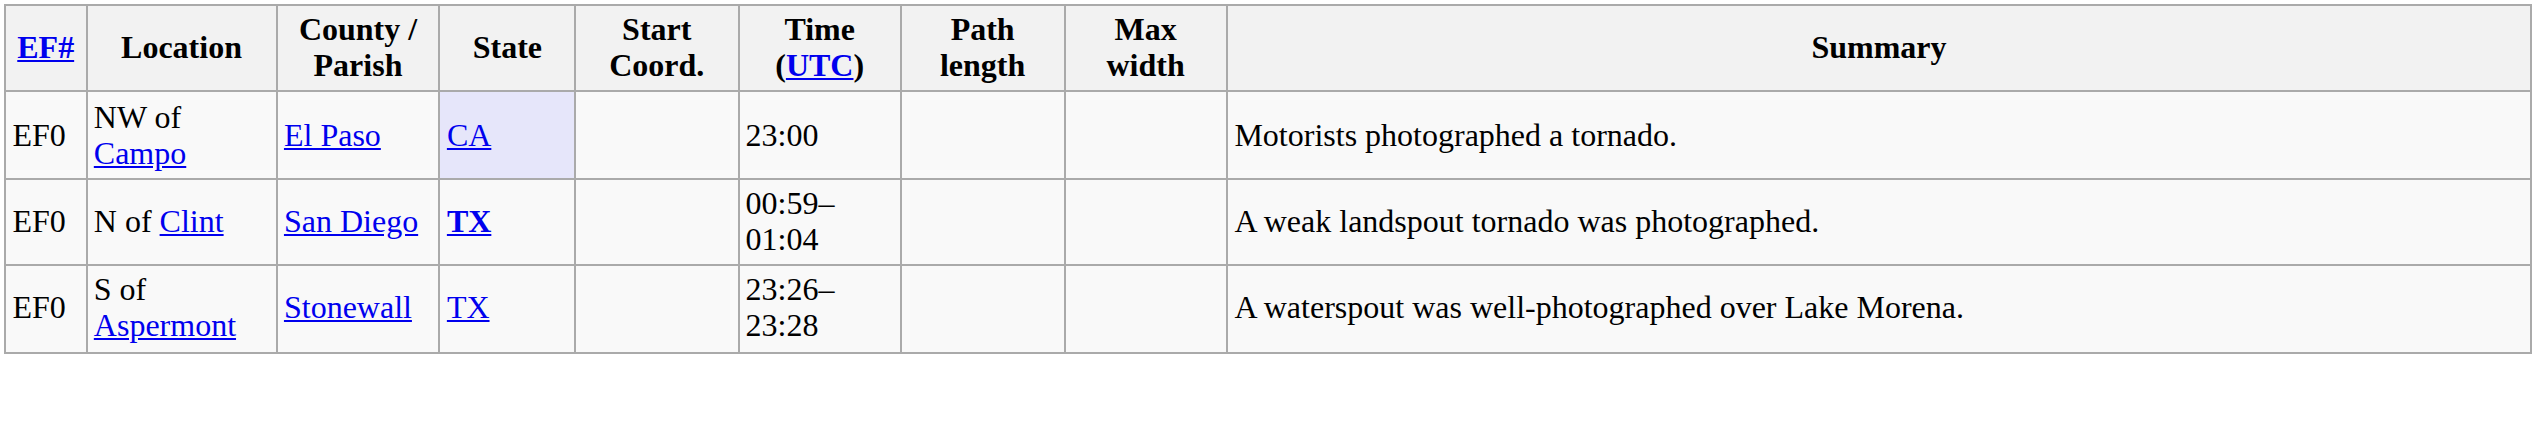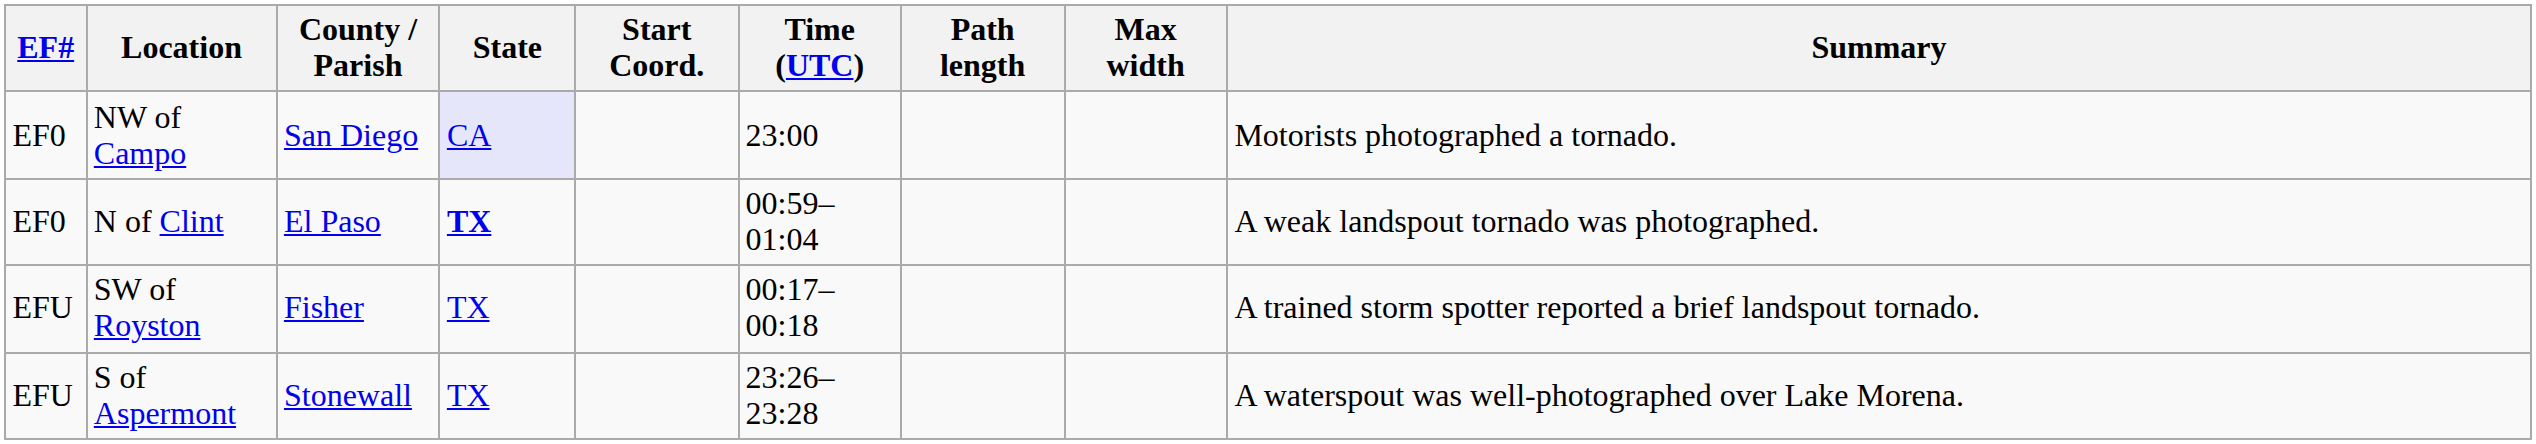 <table class="wikitable sortable" style="width:100%;">
 <tr>
 <th scope="col"  style="width:3%; text-align:center;"><a href='#'>EF#</a></th>
 <th scope="col"  style="width:7%; text-align:center;" class="unsortable">Location</th>
 <th scope="col"  style="width:6%; text-align:center;" class="unsortable">County / Parish</th>
 <th scope="col"  style="width:5%; text-align:center;">State</th>
 <th scope="col"  style="width:6%; text-align:center;">Start Coord.</th>
 <th scope="col"  style="width:6%; text-align:center;">Time (<a href='#'>UTC</a>)</th>
 <th scope="col"  style="width:6%; text-align:center;">Path length</th>
 <th scope="col"  style="width:6%; text-align:center;">Max width</th>
 <th scope="col" class="unsortable" style="width:48%; text-align:center;">Summary</th>
 </tr>
 <tr>
 <td>EF0</td>
 <td>NW of <a href='#'>Campo</a></td>
-<td><a href='#'>El Paso</a></td>
+<td><a href='#'>San Diego</a></td>
 <td style="background: lavender;"><a href='#'>CA</a></td>
 <td></td>
 <td>23:00</td>
 <td></td>
 <td></td>
 <td>Motorists photographed a tornado.</td>
 </tr>
 <tr>
 <td>EF0</td>
 <td>N of <a href='#'>Clint</a></td>
-<td><a href='#'>San Diego</a></td>
+<td><a href='#'>El Paso</a></td>
 <td><strong><a href='#'>TX</a></strong></td>
 <td></td>
 <td>00:59–01:04</td>
 <td></td>
 <td></td>
 <td>A weak landspout tornado was photographed.</td>
 </tr>
 <tr>
-<td>EF0</td>
+<td>EFU</td>
+<td>SW of <a href='#'>Royston</a></td>
+<td><a href='#'>Fisher</a></td>
+<td><a href='#'>TX</a></td>
+<td></td>
+<td>00:17–00:18</td>
+<td></td>
+<td></td>
+<td>A trained storm spotter reported a brief landspout tornado.</td>
+</tr>
+<tr>
+<td>EFU</td>
 <td>S of <a href='#'>Aspermont</a></td>
 <td><a href='#'>Stonewall</a></td>
 <td><a href='#'>TX</a></td>
 <td></td>
 <td>23:26–23:28</td>
 <td></td>
 <td></td>
 <td>A waterspout was well-photographed over Lake Morena.</td>
 </tr>
 <tr>
 </tr>
 </table>
